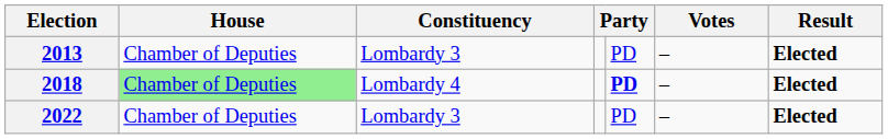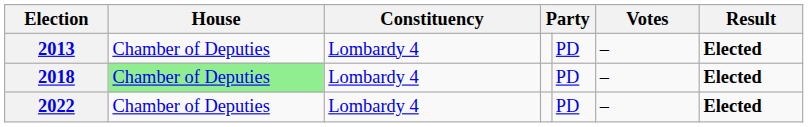 <table class=wikitable style="width:55%; border:1px #AAAAFF solid">
 <tr>
 <th width=12%>Election</th>
 <th width=25%>House</th>
 <th width=25%>Constituency</th>
 <th width=5% colspan="2">Party</th>
 <th width=12%>Votes</th>
 <th width=12%>Result</th>
 </tr>
 <tr>
 <th><a href='#'>2013</a></th>
 <td><a href='#'>Chamber of Deputies</a></td>
-<td><a href='#'>Lombardy 3</a></td>
+<td><a href='#'>Lombardy 4</a></td>
 <td></td>
 <td><a href='#'>PD</a></td>
 <td>–</td>
 <td> <strong>Elected</strong></td>
 </tr>
 <tr>
 <th><a href='#'>2018</a></th>
 <td style="background: lightgreen;"><a href='#'>Chamber of Deputies</a></td>
 <td><a href='#'>Lombardy 4</a></td>
 <td></td>
-<td><strong><a href='#'>PD</a></strong></td>
+<td><a href='#'>PD</a></td>
 <td>–</td>
 <td> <strong>Elected</strong></td>
 </tr>
 <tr>
 <th><a href='#'>2022</a></th>
 <td><a href='#'>Chamber of Deputies</a></td>
-<td><a href='#'>Lombardy 3</a></td>
+<td><a href='#'>Lombardy 4</a></td>
 <td></td>
 <td><a href='#'>PD</a></td>
 <td>–</td>
 <td> <strong>Elected</strong></td>
 </tr>
 </table>
